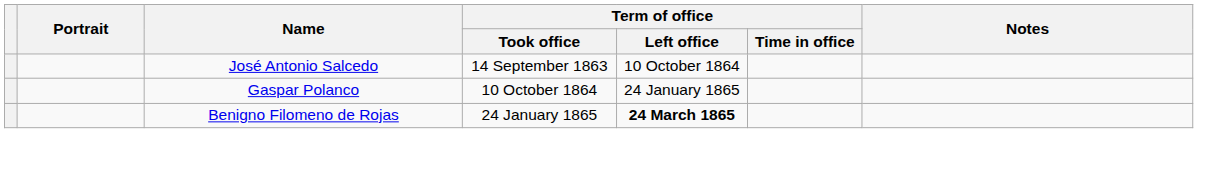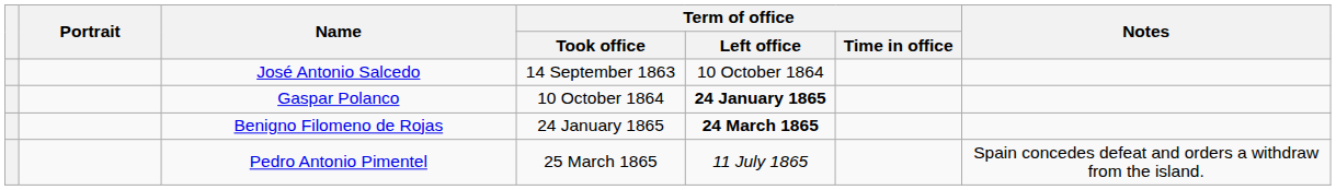 <table class="wikitable" style="text-align:center">
 <tr>
 <th rowspan="2" width="1%"></th>
 <th rowspan="2" width="10%">Portrait</th>
 <th rowspan="2" width="25%">Name<br></th>
 <th colspan="3" width="31.4%">Term of office</th>
 <th rowspan="2" width="26%">Notes</th>
 </tr>
 <tr>
 <th>Took office</th>
 <th>Left office</th>
 <th>Time in office</th>
 </tr>
 <tr>
 <th style="background:"></th>
 <td></td>
 <td><a href='#'>José Antonio Salcedo</a><br></td>
 <td>14 September 1863</td>
 <td>10 October 1864</td>
 <td></td>
 <td></td>
 </tr>
 <tr>
 <th style="background:"></th>
 <td></td>
 <td><a href='#'>Gaspar Polanco</a><br></td>
 <td>10 October 1864</td>
-<td>24 January 1865</td>
+<td><strong>24 January 1865</strong></td>
 <td></td>
 <td></td>
 </tr>
 <tr>
 <th style="background:"></th>
 <td></td>
 <td><a href='#'>Benigno Filomeno de Rojas</a><br></td>
 <td>24 January 1865</td>
 <td><strong>24 March 1865</strong></td>
 <td></td>
 <td></td>
 </tr>
+<tr>
+<th style="background:"></th>
+<td></td>
+<td><a href='#'>Pedro Antonio Pimentel</a><br></td>
+<td>25 March 1865</td>
+<td><em>11 July 1865</em></td>
+<td></td>
+<td>Spain concedes defeat and orders a withdraw from the island.</td>
+</tr>
 </table>
